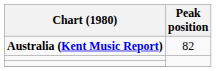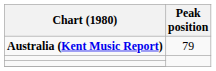 <table class="wikitable sortable">
 <tr>
 <th align="left">Chart (1980)</th>
 <th align="center">Peak<br>position</th>
 </tr>
 <tr>
 <td align="left"><strong>Australia (<a href='#'>Kent Music Report</a>)</strong></td>
-<td style="text-align:center;">82</td>
+<td style="text-align:center;">79</td>
 </tr>
 <tr>
 <td></td>
 </tr>
 <tr>
 <td></td>
 </tr>
 <tr>
 </tr>
 </table>
